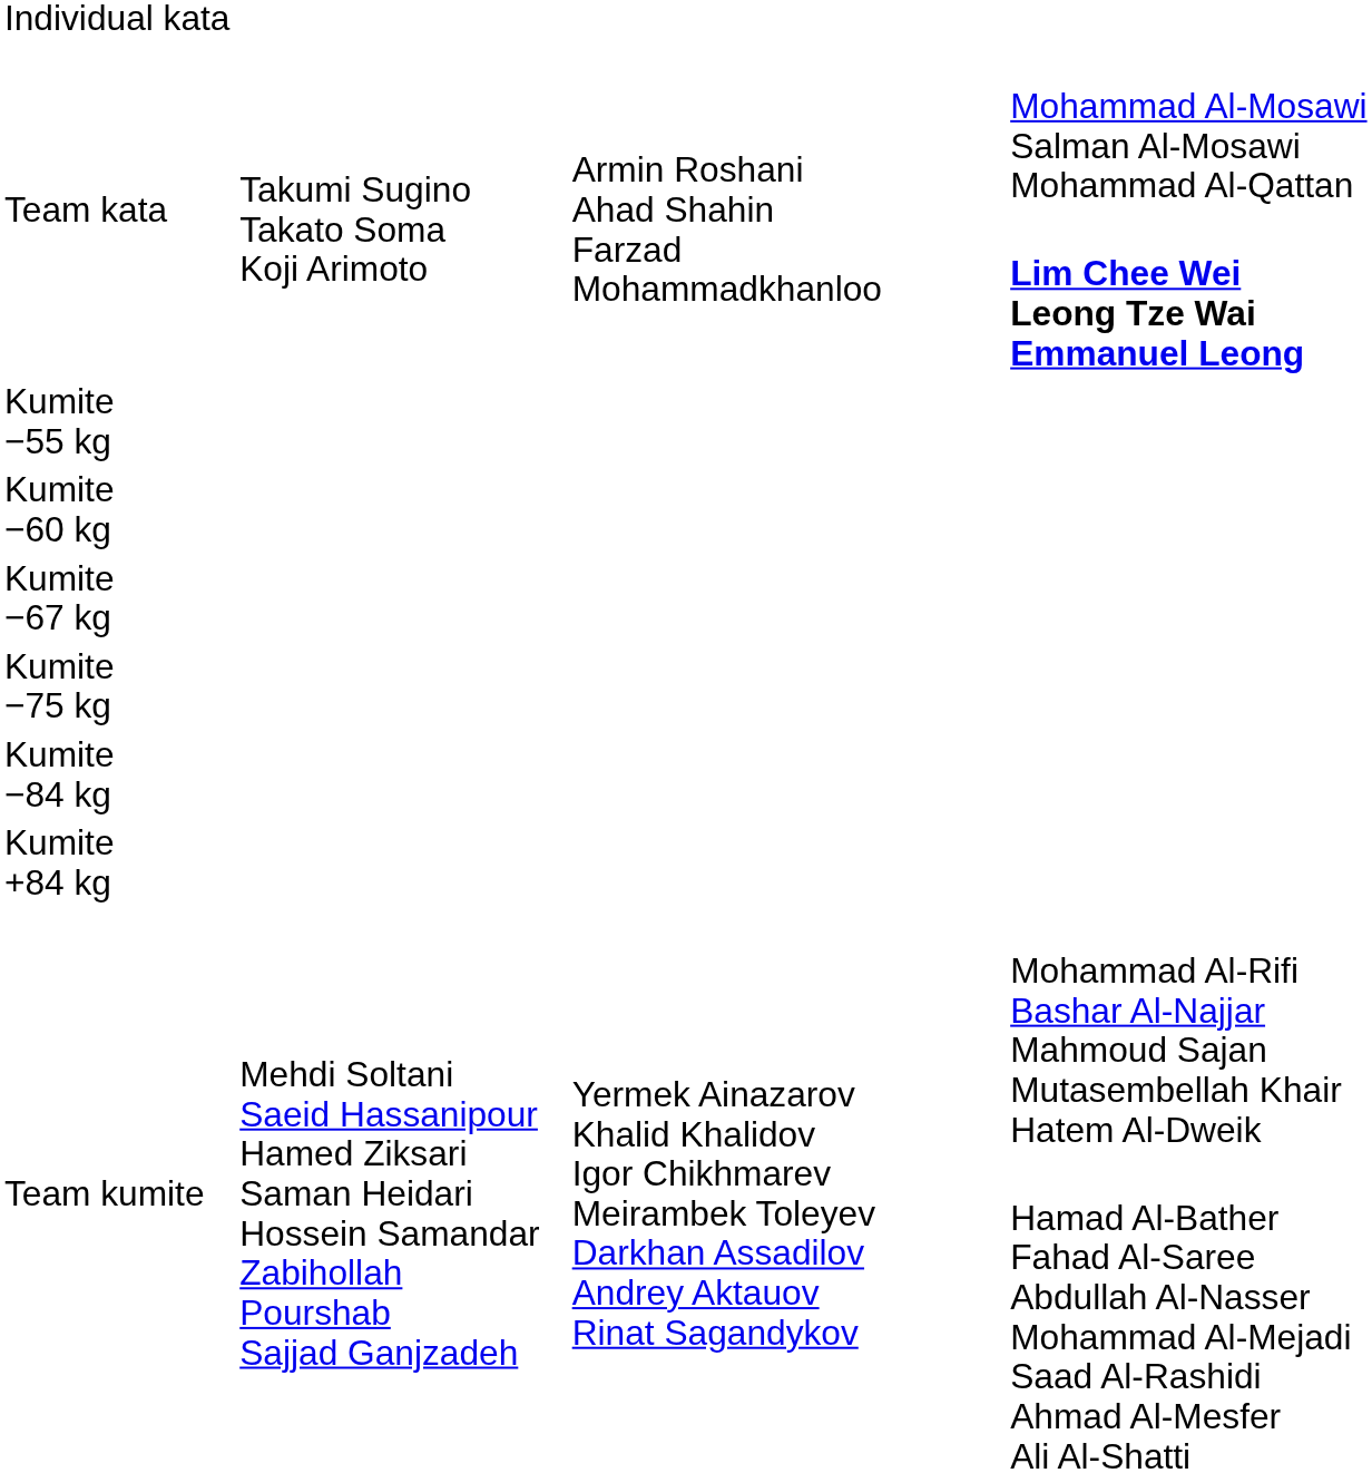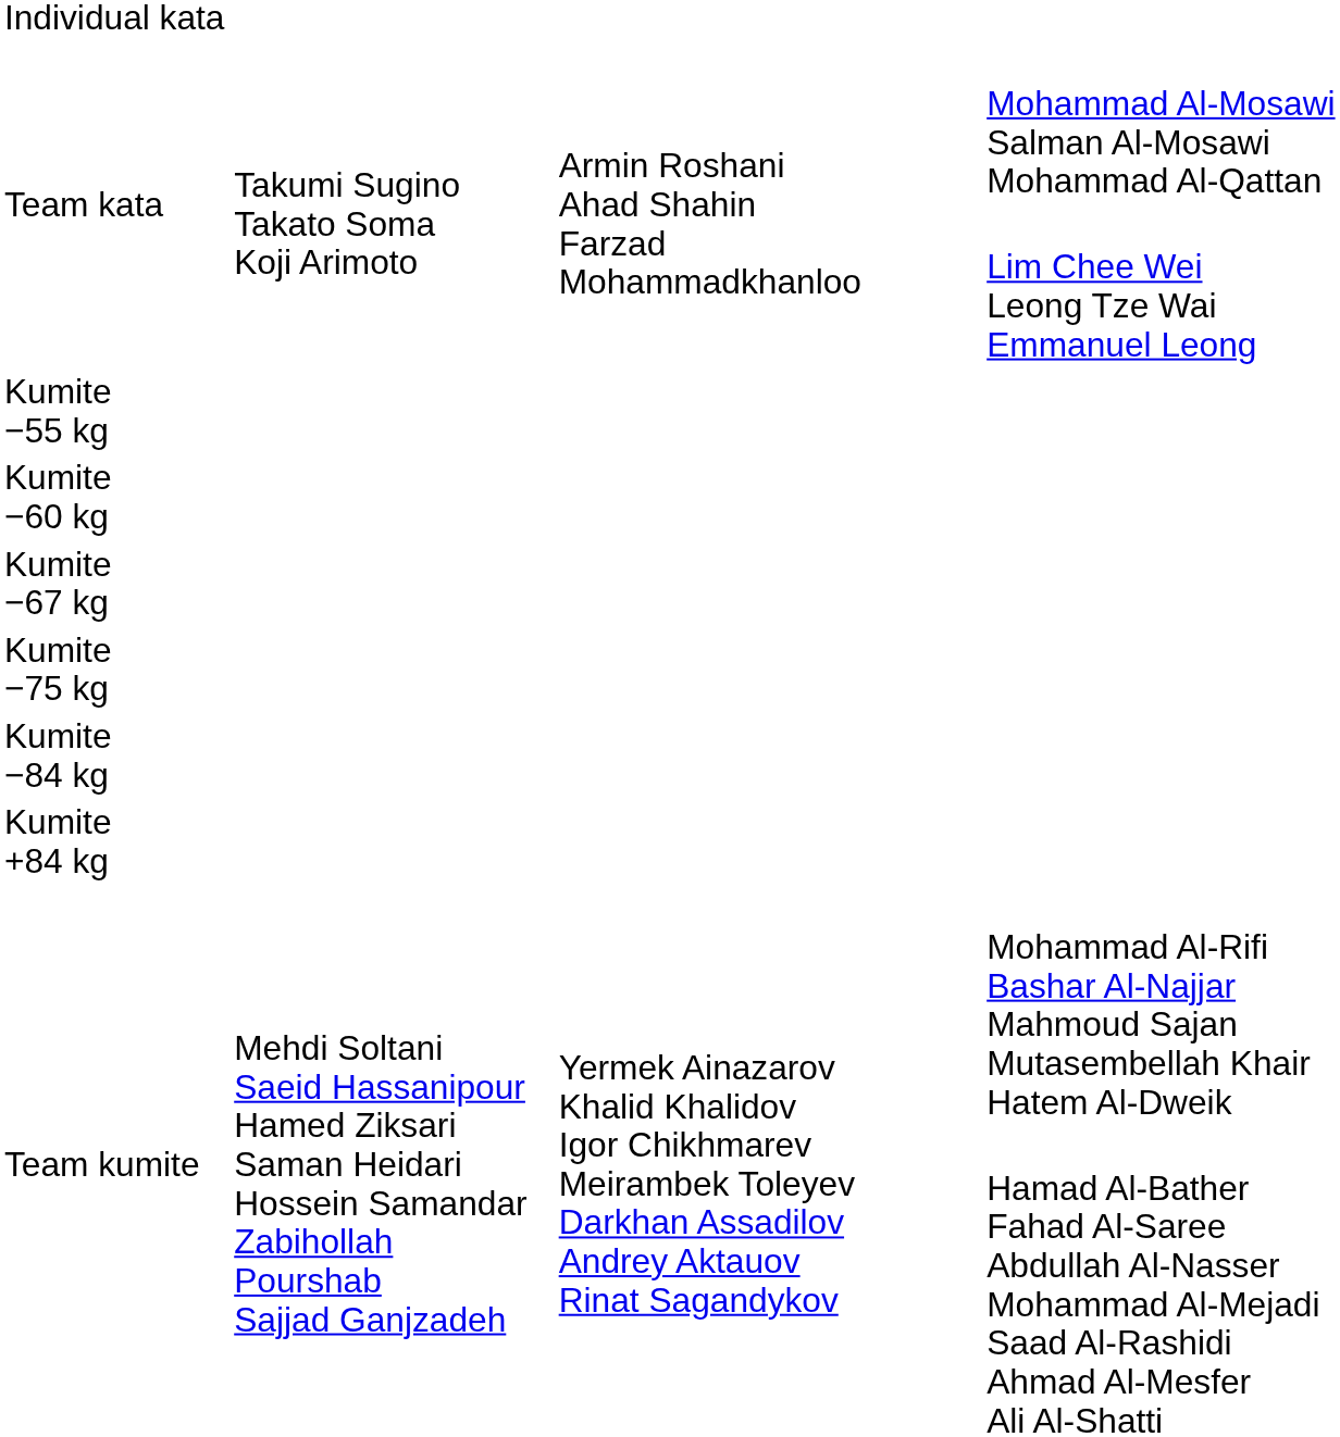 <table>
 <tr>
 <td rowspan=2>Individual kata</td>
 <td rowspan=2></td>
 <td rowspan=2></td>
 <td></td>
 </tr>
 <tr>
 <td></td>
 </tr>
 <tr>
 <td rowspan=2>Team kata</td>
 <td rowspan=2><br>Takumi Sugino<br>Takato Soma<br>Koji Arimoto</td>
 <td rowspan=2><br>Armin Roshani<br>Ahad Shahin<br>Farzad Mohammadkhanloo</td>
 <td><br><a href='#'>Mohammad Al-Mosawi</a><br>Salman Al-Mosawi<br>Mohammad Al-Qattan</td>
 </tr>
 <tr>
-<td><strong><br><a href='#'>Lim Chee Wei</a><br>Leong Tze Wai<br><a href='#'>Emmanuel Leong</a></strong></td>
+<td><br><a href='#'>Lim Chee Wei</a><br>Leong Tze Wai<br><a href='#'>Emmanuel Leong</a></td>
 </tr>
 <tr>
 <td rowspan=2>Kumite −55 kg</td>
 <td rowspan=2></td>
 <td rowspan=2></td>
 <td></td>
 </tr>
 <tr>
 <td></td>
 </tr>
 <tr>
 <td rowspan=2>Kumite −60 kg</td>
 <td rowspan=2></td>
 <td rowspan=2></td>
 <td></td>
 </tr>
 <tr>
 <td></td>
 </tr>
 <tr>
 <td rowspan=2>Kumite −67 kg</td>
 <td rowspan=2></td>
 <td rowspan=2></td>
 <td></td>
 </tr>
 <tr>
 <td></td>
 </tr>
 <tr>
 <td rowspan=2>Kumite −75 kg</td>
 <td rowspan=2></td>
 <td rowspan=2></td>
 <td></td>
 </tr>
 <tr>
 <td></td>
 </tr>
 <tr>
 <td rowspan=2>Kumite −84 kg</td>
 <td rowspan=2></td>
 <td rowspan=2></td>
 <td></td>
 </tr>
 <tr>
 <td></td>
 </tr>
 <tr>
 <td rowspan=2>Kumite +84 kg</td>
 <td rowspan=2></td>
 <td rowspan=2></td>
 <td></td>
 </tr>
 <tr>
 <td></td>
 </tr>
 <tr>
 <td rowspan=2>Team kumite</td>
 <td rowspan=2><br>Mehdi Soltani<br><a href='#'>Saeid Hassanipour</a><br>Hamed Ziksari<br>Saman Heidari<br>Hossein Samandar<br><a href='#'>Zabihollah Pourshab</a><br><a href='#'>Sajjad Ganjzadeh</a></td>
 <td rowspan=2><br>Yermek Ainazarov<br>Khalid Khalidov<br>Igor Chikhmarev<br>Meirambek Toleyev<br><a href='#'>Darkhan Assadilov</a><br><a href='#'>Andrey Aktauov</a><br><a href='#'>Rinat Sagandykov</a></td>
 <td><br>Mohammad Al-Rifi<br><a href='#'>Bashar Al-Najjar</a><br>Mahmoud Sajan<br>Mutasembellah Khair<br>Hatem Al-Dweik</td>
 </tr>
 <tr>
 <td><br>Hamad Al-Bather<br>Fahad Al-Saree<br>Abdullah Al-Nasser<br>Mohammad Al-Mejadi<br>Saad Al-Rashidi<br>Ahmad Al-Mesfer<br>Ali Al-Shatti</td>
 </tr>
 </table>
